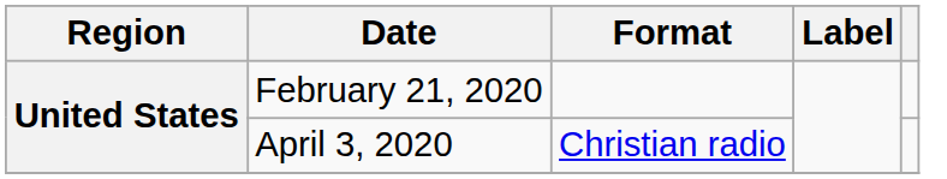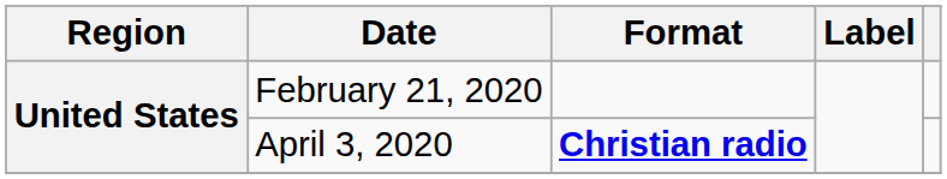 <table class="wikitable plainrowheaders">
 <tr>
 <th scope="col">Region</th>
 <th scope="col">Date</th>
 <th scope="col">Format</th>
 <th scope="col">Label</th>
 <th scope="col"></th>
 </tr>
 <tr>
 <th scope="row" rowspan="2">United States</th>
 <td>February 21, 2020</td>
 <td></td>
 <td rowspan="2"></td>
 <td></td>
 </tr>
 <tr>
 <td>April 3, 2020</td>
-<td><a href='#'>Christian radio</a></td>
+<td><strong><a href='#'>Christian radio</a></strong></td>
 <td></td>
 </tr>
 <tr>
 </tr>
 </table>
